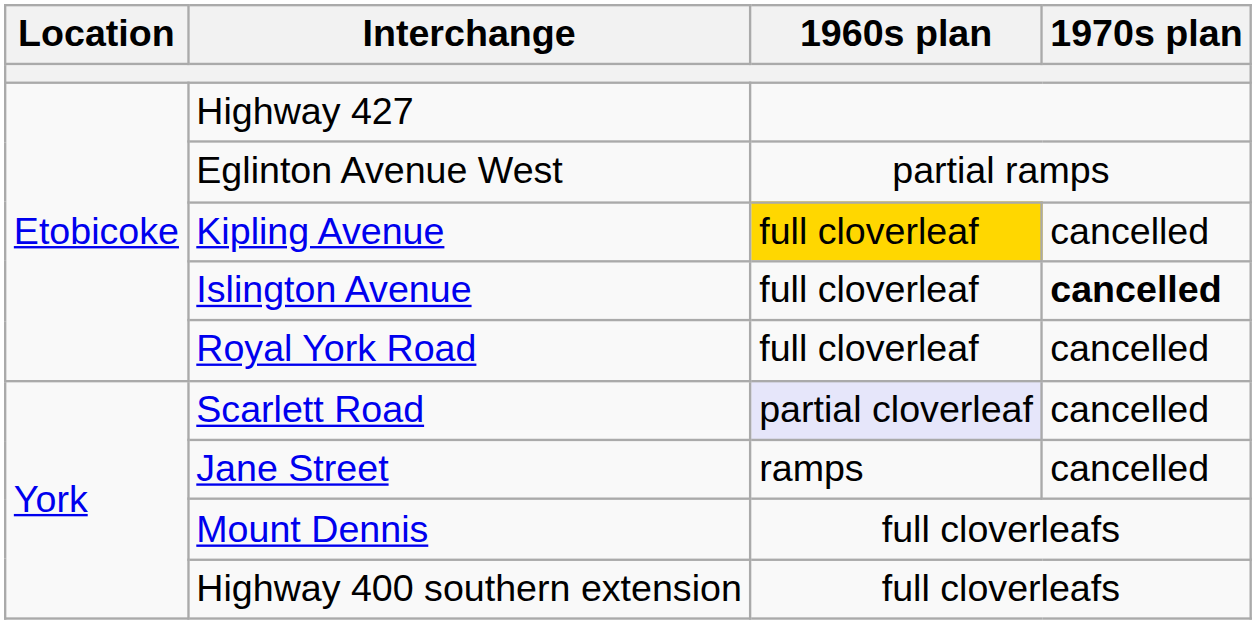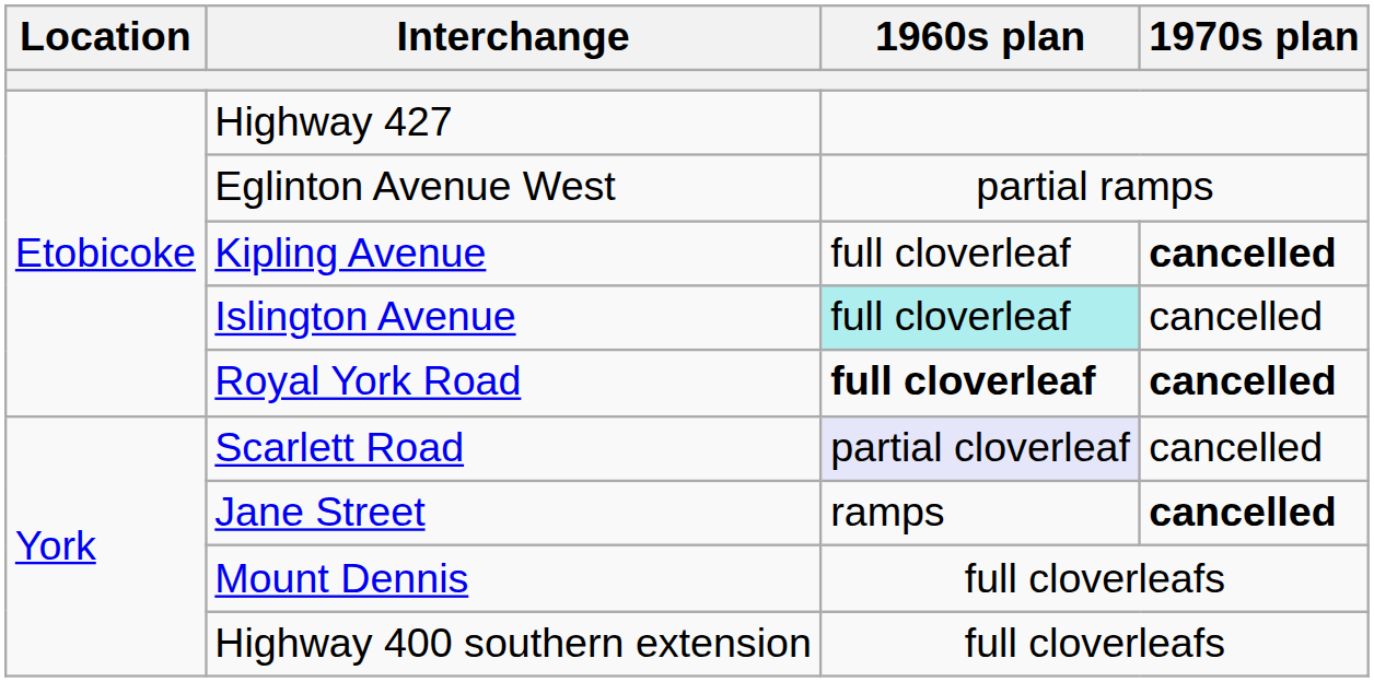 <table class="wikitable">
 <tr>
 <th>Location</th>
 <th>Interchange</th>
 <th>1960s plan</th>
 <th>1970s plan</th>
 </tr>
 <tr>
 <th colspan="4"></th>
 </tr>
 <tr>
 <td rowspan="5"><a href='#'>Etobicoke</a></td>
 <td>Highway 427</td>
 <td colspan="2" align="center"></td>
 </tr>
 <tr>
 <td>Eglinton Avenue West</td>
 <td colspan="2" align="center">partial ramps</td>
 </tr>
 <tr>
 <td><a href='#'>Kipling Avenue</a></td>
-<td style="background: gold;">full cloverleaf</td>
-<td>cancelled</td>
-</tr>
-<tr>
-<td><a href='#'>Islington Avenue</a></td>
 <td>full cloverleaf</td>
 <td><strong>cancelled</strong></td>
 </tr>
 <tr>
+<td><a href='#'>Islington Avenue</a></td>
+<td style="background: paleturquoise;">full cloverleaf</td>
+<td>cancelled</td>
+</tr>
+<tr>
 <td><a href='#'>Royal York Road</a></td>
-<td>full cloverleaf</td>
-<td>cancelled</td>
+<td><strong>full cloverleaf</strong></td>
+<td><strong>cancelled</strong></td>
 </tr>
 <tr>
 <td rowspan="4"><a href='#'>York</a></td>
 <td><a href='#'>Scarlett Road</a></td>
 <td style="background: lavender;">partial cloverleaf</td>
 <td>cancelled</td>
 </tr>
 <tr>
 <td><a href='#'>Jane Street</a></td>
 <td>ramps</td>
-<td>cancelled</td>
+<td><strong>cancelled</strong></td>
 </tr>
 <tr>
 <td><a href='#'>Mount Dennis</a></td>
 <td colspan="2" align="center">full cloverleafs</td>
 </tr>
 <tr>
 <td>Highway 400 southern extension</td>
 <td colspan="2" align="center">full cloverleafs</td>
 </tr>
 </table>
